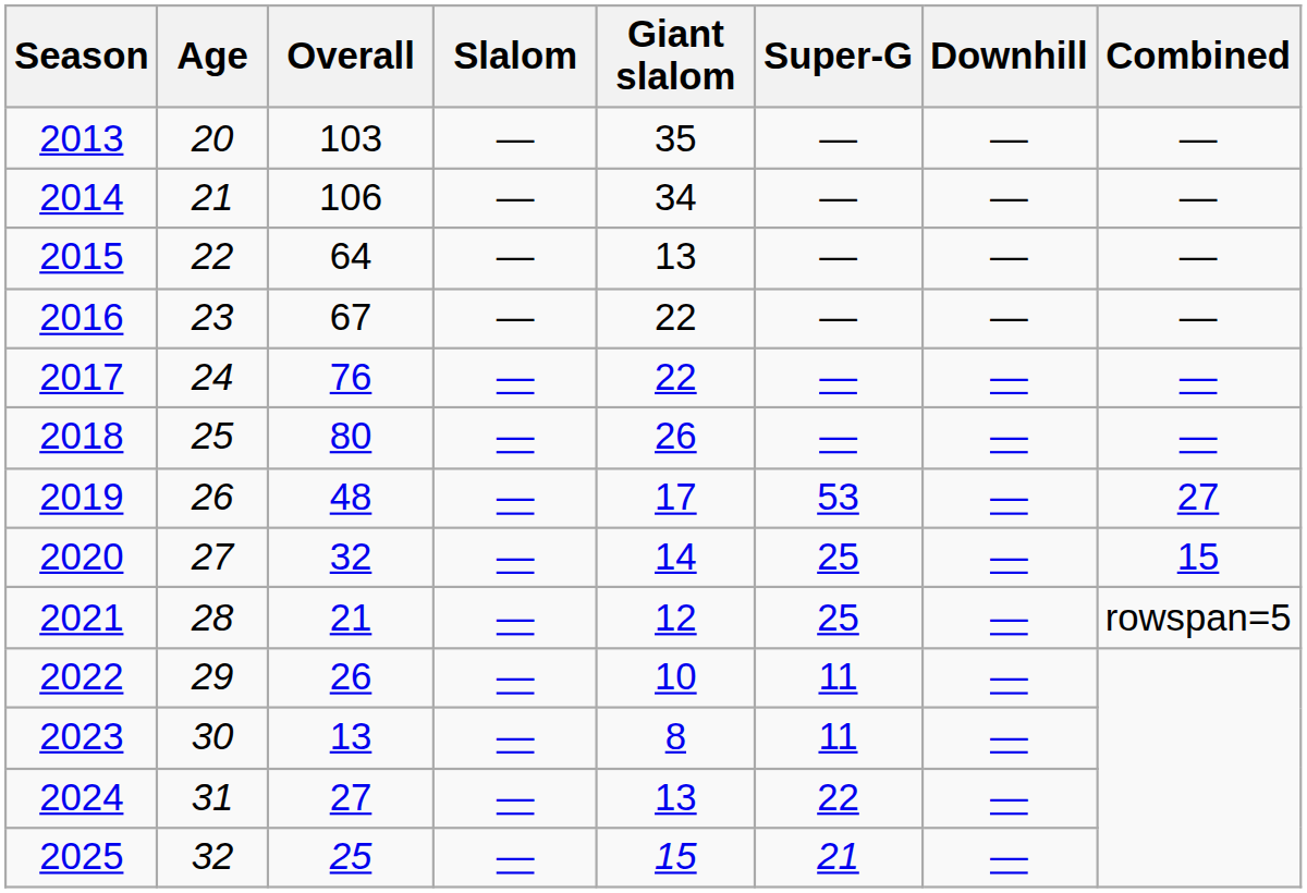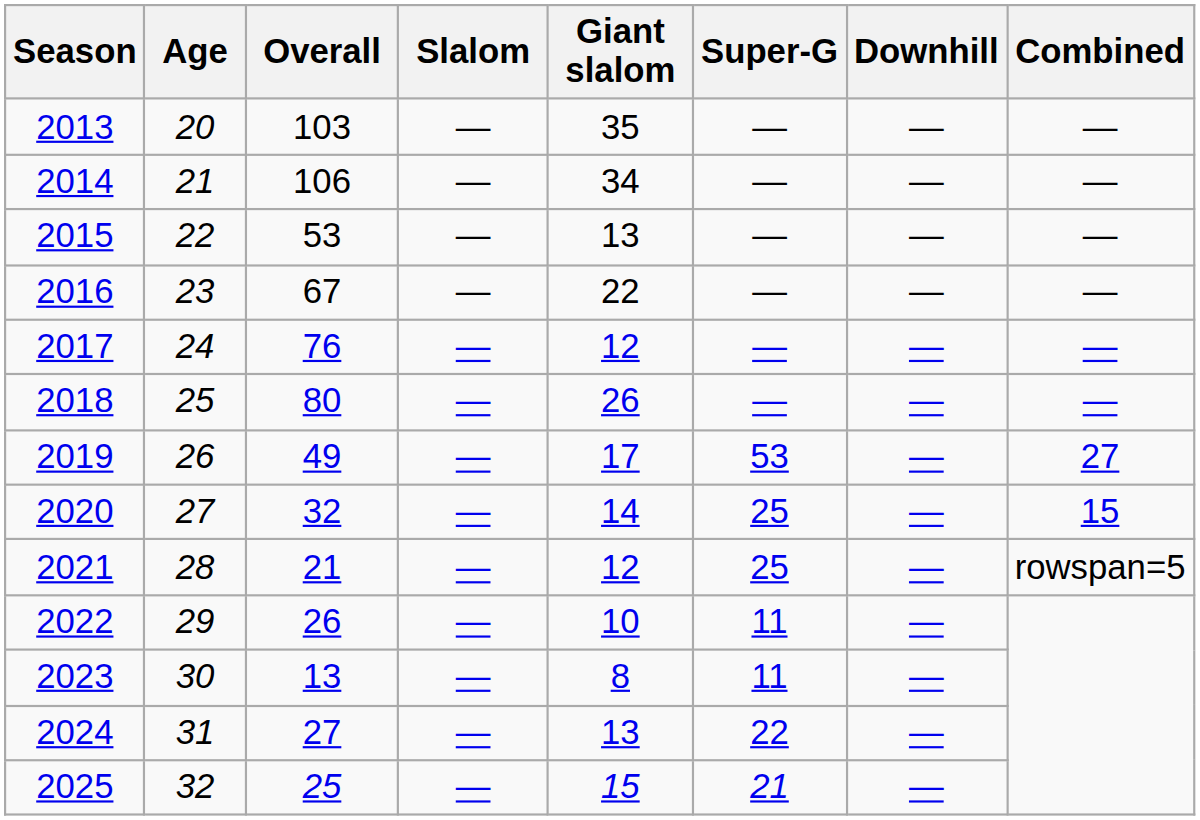 <table class="wikitable" style="text-align:center; font-size:100%;">
 <tr>
 <th>Season</th>
 <th> Age </th>
 <th> Overall </th>
 <th> Slalom </th>
 <th>Giant<br> slalom </th>
 <th>Super-G</th>
 <th>Downhill</th>
 <th>Combined</th>
 </tr>
 <tr>
 <td><a href='#'>2013</a></td>
 <td><em>20</em></td>
 <td>103</td>
 <td>—</td>
 <td>35</td>
 <td>—</td>
 <td>—</td>
 <td>—</td>
 </tr>
 <tr>
 <td><a href='#'>2014</a></td>
 <td><em>21</em></td>
 <td>106</td>
 <td>—</td>
 <td>34</td>
 <td>—</td>
 <td>—</td>
 <td>—</td>
 </tr>
 <tr>
 <td><a href='#'>2015</a></td>
 <td><em>22</em></td>
-<td>64</td>
+<td>53</td>
 <td>—</td>
 <td>13</td>
 <td>—</td>
 <td>—</td>
 <td>—</td>
 </tr>
 <tr>
 <td><a href='#'>2016</a></td>
 <td><em>23</em></td>
 <td>67</td>
 <td>—</td>
 <td>22</td>
 <td>—</td>
 <td>—</td>
 <td>—</td>
 </tr>
 <tr>
 <td><a href='#'>2017</a></td>
 <td><em>24</em></td>
 <td><a href='#'>76</a></td>
 <td><a href='#'>—</a></td>
-<td><a href='#'>22</a></td>
+<td><a href='#'>12</a></td>
 <td><a href='#'>—</a></td>
 <td><a href='#'>—</a></td>
 <td><a href='#'>—</a></td>
 </tr>
 <tr>
 <td><a href='#'>2018</a></td>
 <td><em>25</em></td>
 <td><a href='#'>80</a></td>
 <td><a href='#'>—</a></td>
 <td><a href='#'>26</a></td>
 <td><a href='#'>—</a></td>
 <td><a href='#'>—</a></td>
 <td><a href='#'>—</a></td>
 </tr>
 <tr>
 <td><a href='#'>2019</a></td>
 <td><em>26</em></td>
-<td><a href='#'>48</a></td>
+<td><a href='#'>49</a></td>
 <td><a href='#'>—</a></td>
 <td><a href='#'>17</a></td>
 <td><a href='#'>53</a></td>
 <td><a href='#'>—</a></td>
 <td><a href='#'>27</a></td>
 </tr>
 <tr>
 <td><a href='#'>2020</a></td>
 <td><em>27</em></td>
 <td><a href='#'>32</a></td>
 <td><a href='#'>—</a></td>
 <td><a href='#'>14</a></td>
 <td><a href='#'>25</a></td>
 <td><a href='#'>—</a></td>
 <td><a href='#'>15</a></td>
 </tr>
 <tr>
 <td><a href='#'>2021</a></td>
 <td><em>28</em></td>
 <td><a href='#'>21</a></td>
 <td><a href='#'>—</a></td>
 <td><a href='#'>12</a></td>
 <td><a href='#'>25</a></td>
 <td><a href='#'>—</a></td>
 <td>rowspan=5 </td>
 </tr>
 <tr>
 <td><a href='#'>2022</a></td>
 <td><em>29</em></td>
 <td><a href='#'>26</a></td>
 <td><a href='#'>—</a></td>
 <td><a href='#'>10</a></td>
 <td><a href='#'>11</a></td>
 <td><a href='#'>—</a></td>
 </tr>
 <tr>
 <td><a href='#'>2023</a></td>
 <td><em>30</em></td>
 <td><a href='#'>13</a></td>
 <td><a href='#'>—</a></td>
 <td><a href='#'>8</a></td>
 <td><a href='#'>11</a></td>
 <td><a href='#'>—</a></td>
 </tr>
 <tr>
 <td><a href='#'>2024</a></td>
 <td><em>31</em></td>
 <td><a href='#'>27</a></td>
 <td><a href='#'>—</a></td>
 <td><a href='#'>13</a></td>
 <td><a href='#'>22</a></td>
 <td><a href='#'>—</a></td>
 </tr>
 <tr>
 <td><a href='#'>2025</a></td>
 <td><em>32</em></td>
 <td><a href='#'><em>25</em></a></td>
 <td><a href='#'>—</a></td>
 <td><a href='#'><em>15</em></a></td>
 <td><a href='#'><em>21</em></a></td>
 <td><a href='#'>—</a></td>
 </tr>
 </table>
